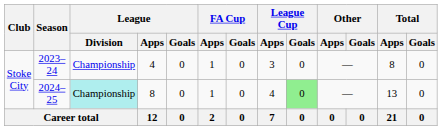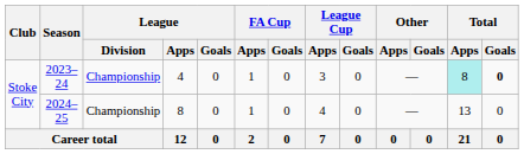 <table class="wikitable" style="text-align: center;">
 <tr>
 <th rowspan="2">Club</th>
 <th rowspan="2">Season</th>
 <th colspan="3">League</th>
 <th colspan="2"><a href='#'>FA Cup</a></th>
 <th colspan="2"><a href='#'>League Cup</a></th>
 <th colspan="2">Other</th>
 <th colspan="2">Total</th>
 </tr>
 <tr>
 <th>Division</th>
 <th>Apps</th>
 <th>Goals</th>
 <th>Apps</th>
 <th>Goals</th>
 <th>Apps</th>
 <th>Goals</th>
 <th>Apps</th>
 <th>Goals</th>
 <th>Apps</th>
 <th>Goals</th>
 </tr>
 <tr>
 <td rowspan=2><a href='#'>Stoke City</a></td>
 <td><a href='#'>2023–24</a></td>
 <td><a href='#'>Championship</a></td>
 <td>4</td>
 <td>0</td>
 <td>1</td>
 <td>0</td>
 <td>3</td>
 <td>0</td>
 <td colspan=2>—</td>
-<td>8</td>
-<td>0</td>
+<td style="background: paleturquoise;">8</td>
+<td><strong>0</strong></td>
 </tr>
 <tr>
 <td><a href='#'>2024–25</a></td>
-<td style="background: paleturquoise;">Championship</td>
+<td>Championship</td>
 <td>8</td>
 <td>0</td>
 <td>1</td>
 <td>0</td>
 <td>4</td>
-<td style="background: lightgreen;">0</td>
+<td>0</td>
 <td colspan=2>—</td>
 <td>13</td>
 <td>0</td>
 </tr>
 <tr>
 <th colspan="3">Career total</th>
 <th>12</th>
 <th>0</th>
 <th>2</th>
 <th>0</th>
 <th>7</th>
 <th>0</th>
 <th>0</th>
 <th>0</th>
 <th>21</th>
 <th>0</th>
 </tr>
 </table>
